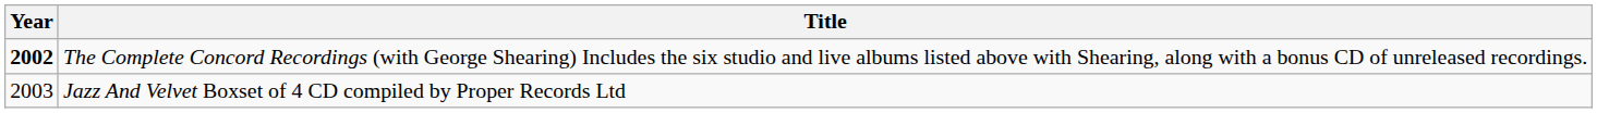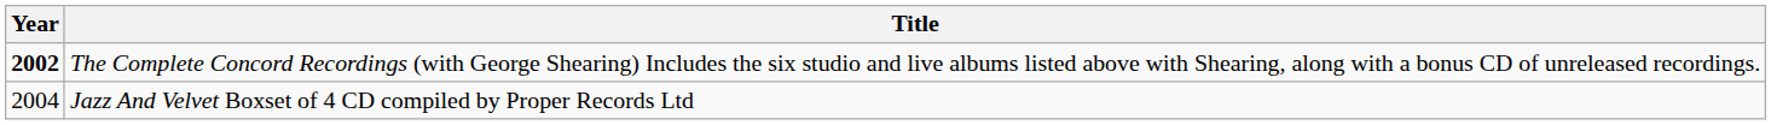 <table class="wikitable">
 <tr>
 <th rowspan="1">Year</th>
 <th rowspan="1">Title</th>
 </tr>
 <tr>
 <td rowspan="1"><strong>2002</strong></td>
 <td><em>The Complete Concord Recordings</em> (with George Shearing) Includes the six studio and live albums listed above with Shearing, along with a bonus CD of unreleased recordings.</td>
 </tr>
 <tr>
-<td>2003</td>
+<td>2004</td>
 <td><em>Jazz And Velvet</em> Boxset of 4 CD compiled by Proper Records Ltd</td>
 </tr>
 </table>
